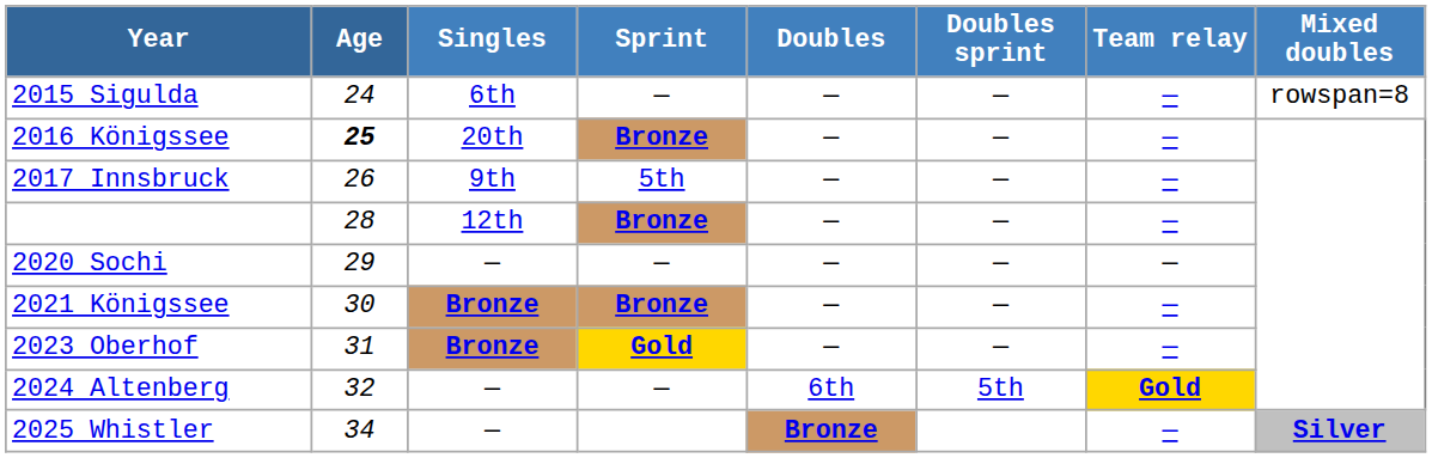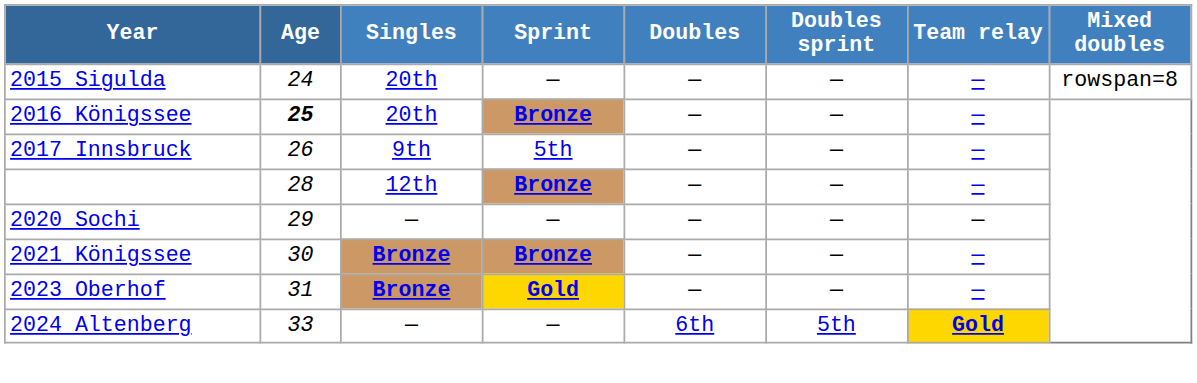 <table class="wikitable" style="font-size:95%; text-align:center; border:grey solid 1px; border-collapse:collapse; background:#ffffff;">
 <tr>
 <th style="background-color:#369; color:white; width:140px;">Year</th>
 <th style="background-color:#369; color:white; width:40px;">Age</th>
 <th style="background-color:#4180be; color:white; width:75px;">Singles</th>
 <th style="background-color:#4180be; color:white; width:75px;">Sprint</th>
 <th style="background-color:#4180be; color:white; width:75px;">Doubles</th>
 <th style="background-color:#4180be; color:white; width:75px;">Doubles sprint</th>
 <th style="background-color:#4180be; color:white; width:75px;">Team relay</th>
 <th style="background-color:#4180be; color:white; width:75px;">Mixed doubles</th>
 </tr>
 <tr>
 <td align=left> <a href='#'>2015 Sigulda</a></td>
 <td><em>24</em></td>
-<td><a href='#'>6th</a></td>
+<td><a href='#'>20th</a></td>
 <td>—</td>
 <td>—</td>
 <td>—</td>
 <td><a href='#'>—</a></td>
 <td>rowspan=8 </td>
 </tr>
 <tr>
 <td align=left> <a href='#'>2016 Königssee</a></td>
 <td><strong><em>25</em></strong></td>
 <td><a href='#'>20th</a></td>
 <td style="background:#cc9966;"><a href='#'><strong>Bronze</strong></a></td>
 <td>—</td>
 <td>—</td>
 <td><a href='#'>—</a></td>
 </tr>
 <tr>
 <td align=left> <a href='#'>2017 Innsbruck</a></td>
 <td><em>26</em></td>
 <td><a href='#'>9th</a></td>
 <td><a href='#'>5th</a></td>
 <td>—</td>
 <td>—</td>
 <td><a href='#'>—</a></td>
 </tr>
 <tr>
 <td align=left> </td>
 <td><em>28</em></td>
 <td><a href='#'>12th</a></td>
 <td style="background:#cc9966;"><a href='#'><strong>Bronze</strong></a></td>
 <td>—</td>
 <td>—</td>
 <td><a href='#'>—</a></td>
 </tr>
 <tr>
 <td align=left> <a href='#'>2020 Sochi</a></td>
 <td><em>29</em></td>
 <td>—</td>
 <td>—</td>
 <td>—</td>
 <td>—</td>
 <td>—</td>
 </tr>
 <tr>
 <td align=left> <a href='#'>2021 Königssee</a></td>
 <td><em>30</em></td>
 <td style="background:#cc9966"><a href='#'><strong>Bronze</strong></a></td>
 <td style="background:#cc9966;"><a href='#'><strong>Bronze</strong></a></td>
 <td>—</td>
 <td>—</td>
 <td><a href='#'>—</a></td>
 </tr>
 <tr>
 <td align=left> <a href='#'>2023 Oberhof</a></td>
 <td><em>31</em></td>
 <td style="background:#cc9966"><a href='#'><strong>Bronze</strong></a></td>
 <td style="background:gold;"><a href='#'><strong>Gold</strong></a></td>
 <td>—</td>
 <td>—</td>
 <td><a href='#'>—</a></td>
 </tr>
 <tr>
 <td align=left> <a href='#'>2024 Altenberg</a></td>
-<td><em>32</em></td>
+<td><em>33</em></td>
 <td>—</td>
 <td>—</td>
 <td><a href='#'>6th</a></td>
 <td><a href='#'>5th</a></td>
 <td style="background:gold;"><a href='#'><strong>Gold</strong></a></td>
 </tr>
-<tr>
-<td align=left> <a href='#'>2025 Whistler</a></td>
-<td><em>34</em></td>
-<td>—</td>
-<td></td>
-<td style="background:#cc9966;"><a href='#'><strong>Bronze</strong></a></td>
-<td></td>
-<td><a href='#'>—</a></td>
-<td style="background:silver;"><a href='#'><strong>Silver</strong></a></td>
-</tr>
 </table>
